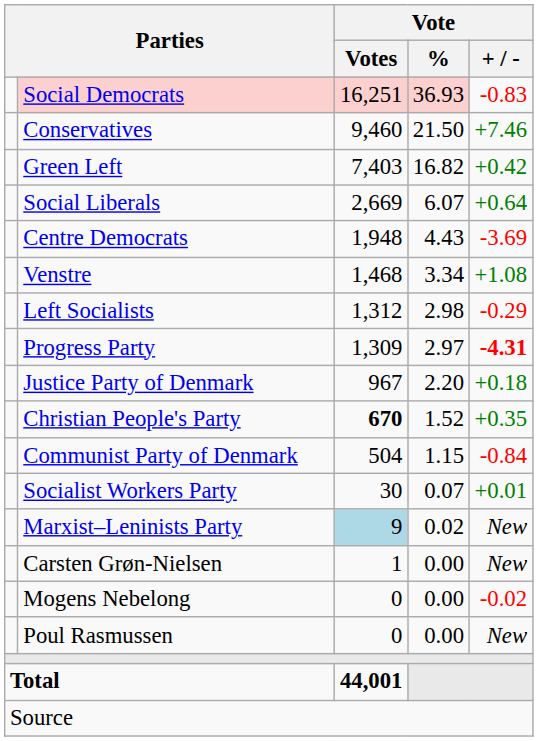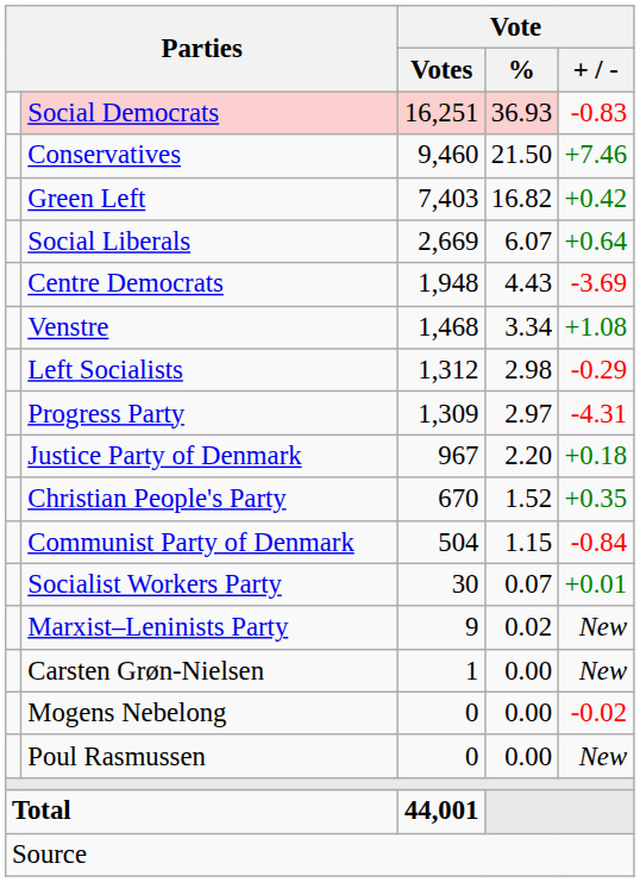 <table class="wikitable" style="text-align:right;">
 <tr>
 <th style="text-align:centre;" rowspan="2" colspan="2" width="225">Parties</th>
 <th colspan="3">Vote</th>
 </tr>
 <tr>
 <th width="15">Votes</th>
 <th width="15">%</th>
 <th width="15">+ / -</th>
 </tr>
 <tr>
 <td width="2" style="color:inherit;background:"></td>
 <td bgcolor=#fbd0ce  align="left"><a href='#'>Social Democrats</a></td>
 <td bgcolor=#fbd0ce>16,251</td>
 <td bgcolor=#fbd0ce>36.93</td>
 <td style=color:red;>-0.83</td>
 </tr>
 <tr>
 <td width="2" style="color:inherit;background:"></td>
 <td align="left"><a href='#'>Conservatives</a></td>
 <td>9,460</td>
 <td>21.50</td>
 <td style=color:green;>+7.46</td>
 </tr>
 <tr>
 <td width="2" style="color:inherit;background:"></td>
 <td align="left"><a href='#'>Green Left</a></td>
 <td>7,403</td>
 <td>16.82</td>
 <td style=color:green;>+0.42</td>
 </tr>
 <tr>
 <td width="2" style="color:inherit;background:"></td>
 <td align="left"><a href='#'>Social Liberals</a></td>
 <td>2,669</td>
 <td>6.07</td>
 <td style=color:green;>+0.64</td>
 </tr>
 <tr>
 <td width="2" style="color:inherit;background:"></td>
 <td align="left"><a href='#'>Centre Democrats</a></td>
 <td>1,948</td>
 <td>4.43</td>
 <td style=color:red;>-3.69</td>
 </tr>
 <tr>
 <td width="2" style="color:inherit;background:"></td>
 <td align="left"><a href='#'>Venstre</a></td>
 <td>1,468</td>
 <td>3.34</td>
 <td style=color:green;>+1.08</td>
 </tr>
 <tr>
 <td width="2" style="color:inherit;background:"></td>
 <td align="left"><a href='#'>Left Socialists</a></td>
 <td>1,312</td>
 <td>2.98</td>
 <td style=color:red;>-0.29</td>
 </tr>
 <tr>
 <td width="2" style="color:inherit;background:"></td>
 <td align="left"><a href='#'>Progress Party</a></td>
 <td>1,309</td>
 <td>2.97</td>
-<td style=color:red;><strong>-4.31</strong></td>
+<td style=color:red;>-4.31</td>
 </tr>
 <tr>
 <td width="2" style="color:inherit;background:"></td>
 <td align="left"><a href='#'>Justice Party of Denmark</a></td>
 <td>967</td>
 <td>2.20</td>
 <td style=color:green;>+0.18</td>
 </tr>
 <tr>
 <td width="2" style="color:inherit;background:"></td>
 <td align="left"><a href='#'>Christian People's Party</a></td>
-<td><strong>670</strong></td>
+<td>670</td>
 <td>1.52</td>
 <td style=color:green;>+0.35</td>
 </tr>
 <tr>
 <td width="2" style="color:inherit;background:"></td>
 <td align="left"><a href='#'>Communist Party of Denmark</a></td>
 <td>504</td>
 <td>1.15</td>
 <td style=color:red;>-0.84</td>
 </tr>
 <tr>
 <td width="2" style="color:inherit;background:"></td>
 <td align="left"><a href='#'>Socialist Workers Party</a></td>
 <td>30</td>
 <td>0.07</td>
 <td style=color:green;>+0.01</td>
 </tr>
 <tr>
 <td width="2" style="color:inherit;background:"></td>
 <td align="left"><a href='#'>Marxist–Leninists Party</a></td>
-<td style="background: lightblue;">9</td>
+<td>9</td>
 <td>0.02</td>
 <td><em>New</em></td>
 </tr>
 <tr>
 <td width="2" style="color:inherit;background:"></td>
 <td align="left">Carsten Grøn-Nielsen</td>
 <td>1</td>
 <td>0.00</td>
 <td><em>New</em></td>
 </tr>
 <tr>
 <td width="2" style="color:inherit;background:"></td>
 <td align="left">Mogens Nebelong</td>
 <td>0</td>
 <td>0.00</td>
 <td style=color:red;>-0.02</td>
 </tr>
 <tr>
 <td width="2" style="color:inherit;background:"></td>
 <td align="left">Poul Rasmussen</td>
 <td>0</td>
 <td>0.00</td>
 <td><em>New</em></td>
 </tr>
 <tr>
 <td colspan="7" bgcolor="#E9E9E9"></td>
 </tr>
 <tr>
 <td align="left" colspan="2"><strong>Total</strong></td>
 <td><strong>44,001</strong></td>
 <td bgcolor="#E9E9E9" colspan="2"></td>
 </tr>
 <tr>
 <td align="left" colspan="6">Source</td>
 </tr>
 </table>
